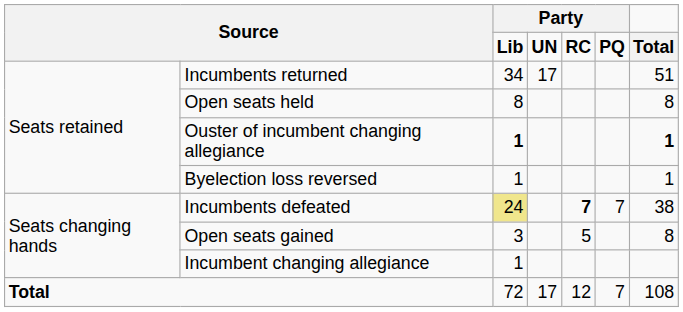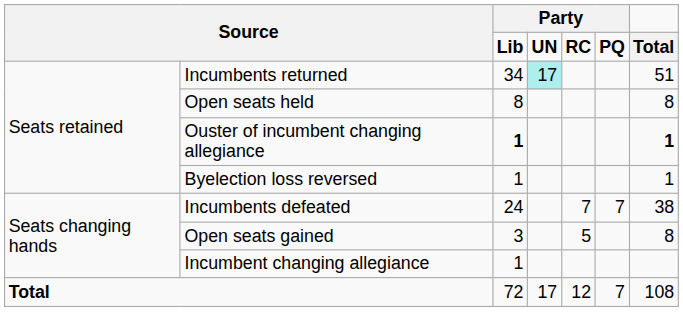 <table class="wikitable" style="text-align:right;">
 <tr>
 <th colspan="2" rowspan="2">Source</th>
 <th colspan="4">Party</th>
 </tr>
 <tr>
 <td><strong>Lib</strong></td>
 <td><strong>UN</strong></td>
 <td><strong>RC</strong></td>
 <td><strong>PQ</strong></td>
 <th>Total</th>
 </tr>
 <tr>
 <td rowspan="4" style="text-align:left;">Seats retained</td>
 <td style="text-align:left;">Incumbents returned</td>
 <td>34</td>
-<td>17</td>
+<td style="background: paleturquoise;">17</td>
 <td></td>
 <td></td>
 <td>51</td>
 </tr>
 <tr>
 <td style="text-align:left;">Open seats held</td>
 <td>8</td>
 <td></td>
 <td></td>
 <td></td>
 <td>8</td>
 </tr>
 <tr>
 <td style="text-align:left;">Ouster of incumbent changing allegiance</td>
 <td><strong>1</strong></td>
 <td></td>
 <td></td>
 <td></td>
 <td><strong>1</strong></td>
 </tr>
 <tr>
 <td style="text-align:left;">Byelection loss reversed</td>
 <td>1</td>
 <td></td>
 <td></td>
 <td></td>
 <td>1</td>
 </tr>
 <tr>
 <td rowspan="3" style="text-align:left;">Seats changing hands</td>
 <td style="text-align:left;">Incumbents defeated</td>
-<td style="background: khaki;">24</td>
+<td>24</td>
 <td></td>
-<td><strong>7</strong></td>
+<td>7</td>
 <td>7</td>
 <td>38</td>
 </tr>
 <tr>
 <td style="text-align:left;">Open seats gained</td>
 <td>3</td>
 <td></td>
 <td>5</td>
 <td></td>
 <td>8</td>
 </tr>
 <tr>
 <td style="text-align:left;">Incumbent changing allegiance</td>
 <td>1</td>
 <td></td>
 <td></td>
 <td></td>
 <td></td>
 </tr>
 <tr>
 <td colspan="2" style="text-align:left;"><strong>Total</strong></td>
 <td>72</td>
 <td>17</td>
 <td>12</td>
 <td>7</td>
 <td>108</td>
 </tr>
 </table>
